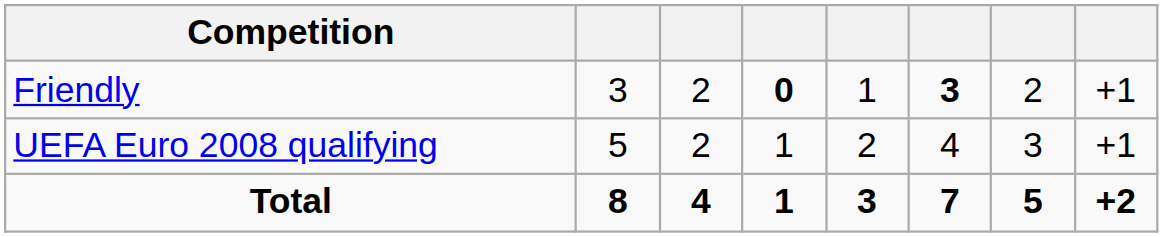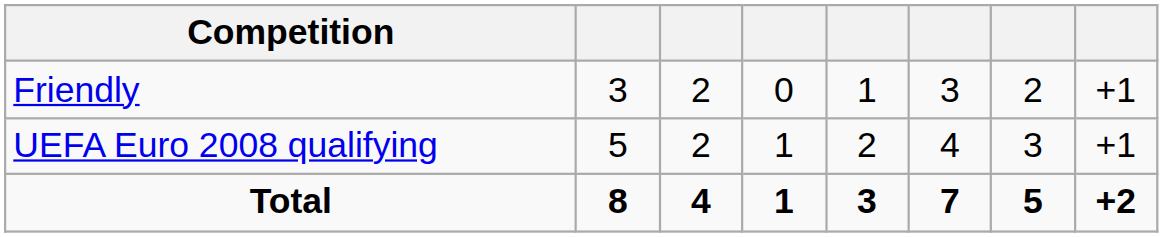 <table class="wikitable" style="text-align: center;">
 <tr>
 <th width=250>Competition</th>
 <th width=30></th>
 <th width=30></th>
 <th width=30></th>
 <th width=30></th>
 <th width=30></th>
 <th width=30></th>
 <th width=30></th>
 </tr>
 <tr>
 <td align=left><a href='#'>Friendly</a></td>
 <td>3</td>
 <td>2</td>
-<td><strong>0</strong></td>
+<td>0</td>
 <td>1</td>
-<td><strong>3</strong></td>
+<td>3</td>
 <td>2</td>
 <td>+1</td>
 </tr>
 <tr>
 <td align=left><a href='#'>UEFA Euro 2008 qualifying</a></td>
 <td>5</td>
 <td>2</td>
 <td>1</td>
 <td>2</td>
 <td>4</td>
 <td>3</td>
 <td>+1</td>
 </tr>
 <tr>
 <td><strong>Total</strong></td>
 <td><strong>8</strong></td>
 <td><strong>4</strong></td>
 <td><strong>1</strong></td>
 <td><strong>3</strong></td>
 <td><strong>7</strong></td>
 <td><strong>5</strong></td>
 <td><strong>+2</strong></td>
 </tr>
 </table>
